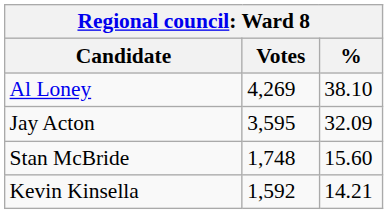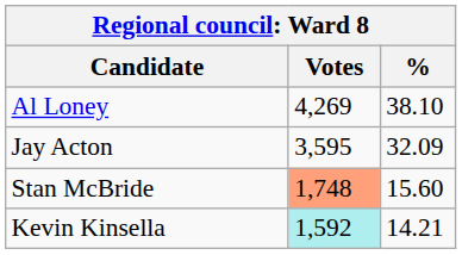 <table class="wikitable">
 <tr>
 <th colspan="3"><a href='#'>Regional council</a>: Ward 8</th>
 </tr>
 <tr>
 <th style="width: 170px">Candidate</th>
 <th style="width: 50px">Votes</th>
 <th style="width: 40px">%</th>
 </tr>
 <tr>
 <td><a href='#'>Al Loney</a></td>
 <td>4,269</td>
 <td>38.10</td>
 </tr>
 <tr>
 <td>Jay Acton</td>
 <td>3,595</td>
 <td>32.09</td>
 </tr>
 <tr>
 <td>Stan McBride</td>
-<td>1,748</td>
+<td style="background: lightsalmon;">1,748</td>
 <td>15.60</td>
 </tr>
 <tr>
 <td>Kevin Kinsella</td>
-<td>1,592</td>
+<td style="background: paleturquoise;">1,592</td>
 <td>14.21</td>
 </tr>
 </table>
